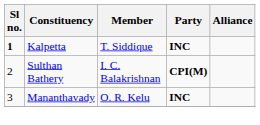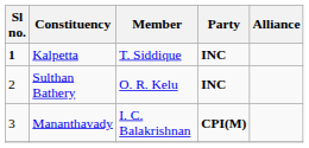 <table class="wikitable  sortable" style="font-size: 95%;">
 <tr>
 <th width="20px">Sl no.</th>
 <th width="75px">Constituency</th>
 <th width="85px">Member</th>
 <th width="35px">Party</th>
 <th width="35px">Alliance</th>
 </tr>
 <tr>
 <td><strong>1</strong></td>
 <td><a href='#'>Kalpetta</a></td>
 <td><a href='#'>T. Siddique</a></td>
 <td style="background:"><strong>INC</strong></td>
 <td></td>
 </tr>
 <tr>
 <td>2</td>
 <td><a href='#'>Sulthan Bathery</a></td>
+<td><a href='#'>O. R. Kelu</a></td>
+<td style="background:"><strong>INC</strong></td>
+<td></td>
+</tr>
+<tr>
+<td>3</td>
+<td><a href='#'>Mananthavady</a></td>
 <td><a href='#'>I. C. Balakrishnan</a></td>
 <td style="background:"><strong>CPI(M)</strong></td>
 <td></td>
 </tr>
 <tr>
-<td>3</td>
-<td><a href='#'>Mananthavady</a></td>
-<td><a href='#'>O. R. Kelu</a></td>
-<td style="background:"><strong>INC</strong></td>
-<td></td>
-</tr>
-<tr>
 </tr>
 </table>
